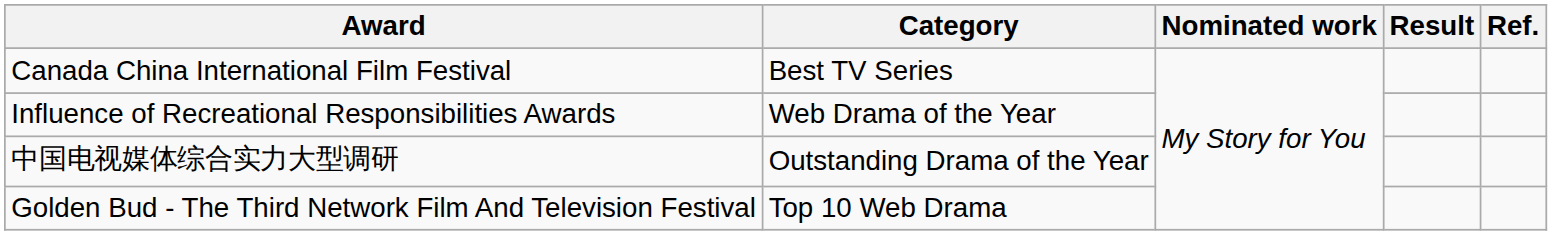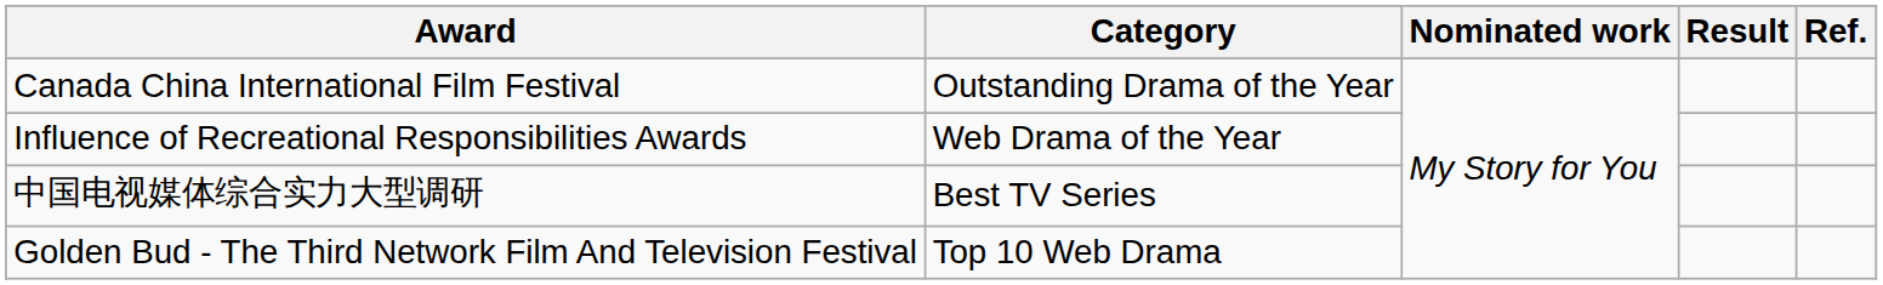 <table class="wikitable">
 <tr>
 <th>Award</th>
 <th>Category</th>
 <th>Nominated work</th>
 <th>Result</th>
 <th>Ref.</th>
 </tr>
 <tr>
 <td>Canada China International Film Festival</td>
-<td>Best TV Series</td>
+<td>Outstanding Drama of the Year</td>
 <td rowspan=4><em>My Story for You</em></td>
 <td></td>
 <td></td>
 </tr>
 <tr>
 <td>Influence of Recreational Responsibilities Awards</td>
 <td>Web Drama of the Year</td>
 <td></td>
 <td></td>
 </tr>
 <tr>
 <td>中国电视媒体综合实力大型调研</td>
-<td>Outstanding Drama of the Year</td>
+<td>Best TV Series</td>
 <td></td>
 <td></td>
 </tr>
 <tr>
 <td>Golden Bud - The Third Network Film And Television Festival</td>
 <td>Top 10 Web Drama</td>
 <td></td>
 <td></td>
 </tr>
 </table>
